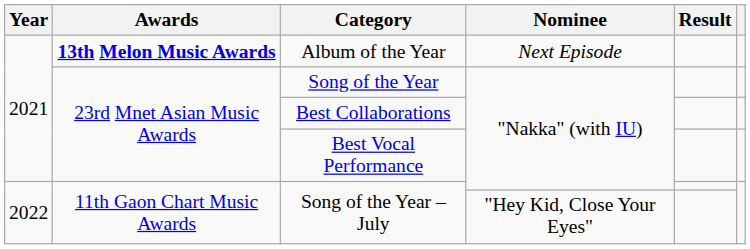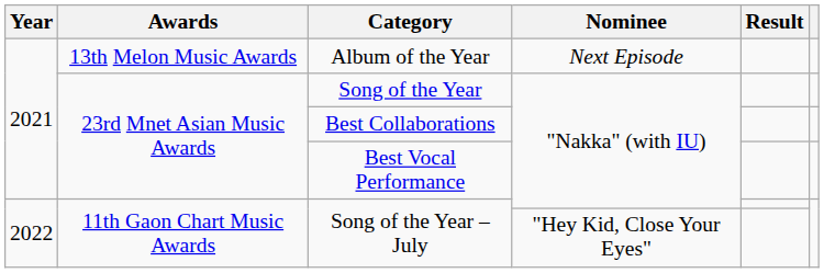 <table class="wikitable" style="text-align:center">
 <tr>
 <th>Year</th>
 <th>Awards</th>
 <th>Category</th>
 <th>Nominee</th>
 <th>Result</th>
 <th></th>
 </tr>
 <tr>
 <td rowspan="4">2021</td>
-<td><strong><a href='#'>13th</a> <a href='#'>Melon Music Awards</a></strong></td>
+<td><a href='#'>13th</a> <a href='#'>Melon Music Awards</a></td>
 <td>Album of the Year</td>
 <td><em>Next Episode</em></td>
 <td></td>
 <td></td>
 </tr>
 <tr>
 <td rowspan="3"><a href='#'>23rd</a> <a href='#'>Mnet Asian Music Awards</a></td>
 <td><a href='#'>Song of the Year</a></td>
 <td rowspan="4">"Nakka" (with <a href='#'>IU</a>)</td>
 <td></td>
 <td></td>
 </tr>
 <tr>
 <td><a href='#'>Best Collaborations</a></td>
 <td></td>
 <td></td>
 </tr>
 <tr>
 <td><a href='#'>Best Vocal Performance</a></td>
 <td></td>
 <td></td>
 </tr>
 <tr>
 <td rowspan="2">2022</td>
 <td rowspan="2"><a href='#'>11th Gaon Chart Music Awards</a></td>
 <td rowspan="2">Song of the Year – July</td>
 <td></td>
 <td rowspan="2"></td>
 </tr>
 <tr>
 <td>"Hey Kid, Close Your Eyes"</td>
 <td></td>
 </tr>
 </table>
